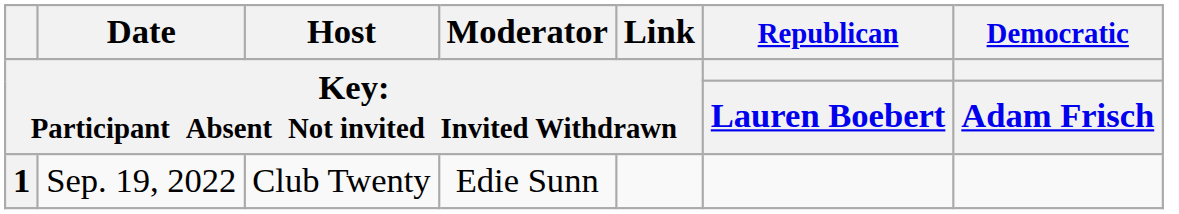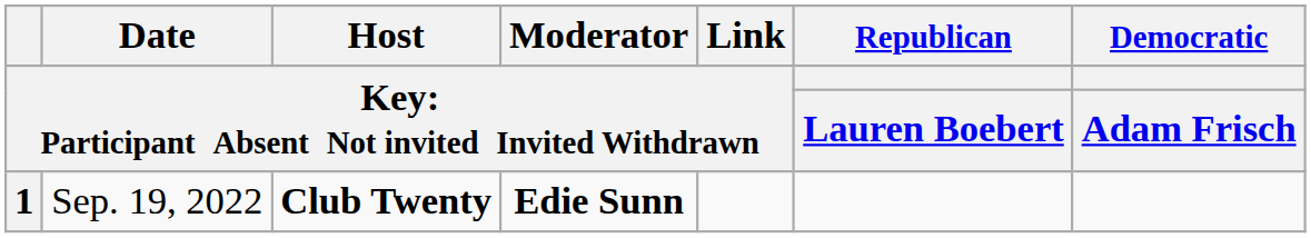 <table class="wikitable" style="text-align:center;">
 <tr>
 <th scope="col"></th>
 <th scope="col">Date</th>
 <th scope="col">Host</th>
 <th scope="col">Moderator</th>
 <th scope="col">Link</th>
 <th scope="col"><small><a href='#'>Republican</a></small></th>
 <th scope="col"><small><a href='#'>Democratic</a></small></th>
 </tr>
 <tr>
 <th colspan="5" rowspan="2">Key:<br> <small>Participant </small>  <small>Absent </small>  <small>Not invited </small>  <small>Invited  Withdrawn</small></th>
 <th scope="col" style="background:"></th>
 <th scope="col" style="background:"></th>
 </tr>
 <tr>
 <th scope="col"><a href='#'>Lauren Boebert</a></th>
 <th scope="col"><a href='#'>Adam Frisch</a></th>
 </tr>
 <tr>
 <th>1</th>
 <td style="white-space:nowrap;">Sep. 19, 2022</td>
-<td style="white-space:nowrap;">Club Twenty</td>
-<td style="white-space:nowrap;">Edie Sunn</td>
+<td style="white-space:nowrap;"><strong>Club Twenty</strong></td>
+<td style="white-space:nowrap;"><strong>Edie Sunn</strong></td>
 <td style="white-space:nowrap;"></td>
 <td></td>
 <td></td>
 </tr>
 </table>
